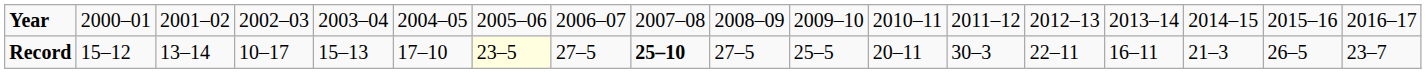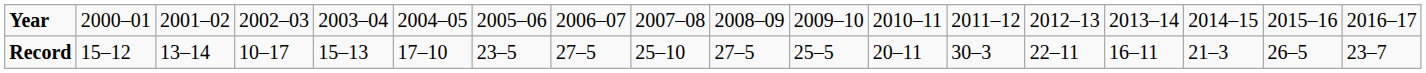 <table class="wikitable">
 <tr>
 <td><strong>Year</strong></td>
 <td>2000–01</td>
 <td>2001–02</td>
 <td>2002–03</td>
 <td>2003–04</td>
 <td>2004–05</td>
 <td>2005–06</td>
 <td>2006–07</td>
 <td>2007–08</td>
 <td>2008–09</td>
 <td>2009–10</td>
 <td>2010–11</td>
 <td>2011–12</td>
 <td>2012–13</td>
 <td>2013–14</td>
 <td>2014–15</td>
 <td>2015–16</td>
 <td>2016–17</td>
 </tr>
 <tr>
 <td><strong>Record</strong></td>
 <td>15–12</td>
 <td>13–14</td>
 <td>10–17</td>
 <td>15–13</td>
 <td>17–10</td>
-<td style="background: lightyellow;">23–5</td>
+<td>23–5</td>
 <td>27–5</td>
-<td><strong>25–10</strong></td>
+<td>25–10</td>
 <td>27–5</td>
 <td>25–5</td>
 <td>20–11</td>
 <td>30–3</td>
 <td>22–11</td>
 <td>16–11</td>
 <td>21–3</td>
 <td>26–5</td>
 <td>23–7</td>
 </tr>
 </table>
